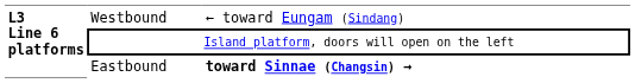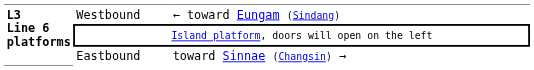 <table table border=0 cellspacing=0 cellpadding=3>
 <tr>
 <td style="border-top:solid 1px gray;border-bottom:solid 1px gray;" width=50 rowspan=10 valign=top><strong>L3<br>Line 6 platforms</strong></td>
 <td style="border-bottom:solid 0px gray;border-top:solid 1px gray;" width=100>Westbound</td>
 <td style="border-bottom:solid 0px gray;border-top:solid 1px gray;" width=390>←  toward <a href='#'>Eungam</a> <small>(<a href='#'>Sindang</a>)</small></td>
 </tr>
 <tr>
 <td style="border-top:solid 2px black;border-right:solid 2px black;border-left:solid 2px black;border-bottom:solid 2px black;text-align:center;" colspan=2><small><a href='#'>Island platform</a>, doors will open on the left </small></td>
 </tr>
 <tr>
 <td>Eastbound</td>
-<td><strong>  toward <a href='#'>Sinnae</a> <small>(<a href='#'>Changsin</a>)</small> →</strong></td>
+<td>  toward <a href='#'>Sinnae</a> <small>(<a href='#'>Changsin</a>)</small> →</td>
 </tr>
 </table>
